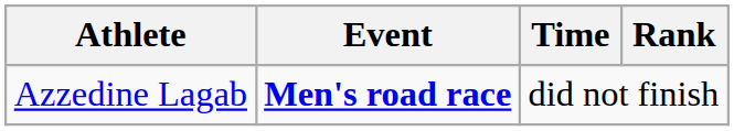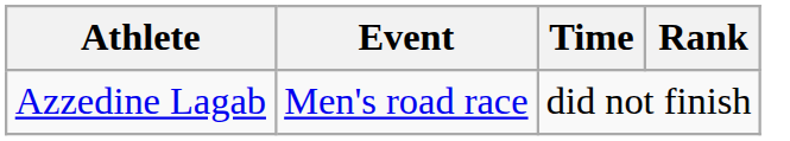 <table class="wikitable" border="1" style="font-size:90%">
 <tr>
 <th>Athlete</th>
 <th>Event</th>
 <th>Time</th>
 <th>Rank</th>
 </tr>
 <tr align=center>
 <td align=left><a href='#'>Azzedine Lagab</a></td>
-<td align=left><strong><a href='#'>Men's road race</a></strong></td>
+<td align=left><a href='#'>Men's road race</a></td>
 <td colspan=2>did not finish</td>
 </tr>
 </table>
